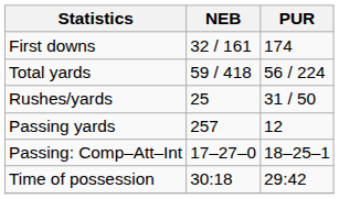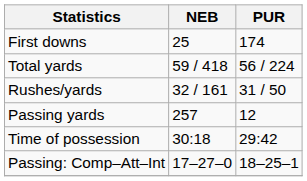 <table class="wikitable" style="float: left;">
 <tr>
 <th>Statistics</th>
 <th>NEB</th>
 <th>PUR</th>
 </tr>
 <tr>
 <td>First downs</td>
-<td>32 / 161</td>
+<td>25</td>
 <td>174</td>
 </tr>
 <tr>
 <td>Total yards</td>
 <td>59 / 418</td>
 <td>56 / 224</td>
 </tr>
 <tr>
 <td>Rushes/yards</td>
-<td>25</td>
+<td>32 / 161</td>
 <td>31 / 50</td>
 </tr>
 <tr>
 <td>Passing yards</td>
 <td>257</td>
 <td>12</td>
 </tr>
 <tr>
+<td>Time of possession</td>
+<td>30:18</td>
+<td>29:42</td>
+</tr>
+<tr>
 <td>Passing: Comp–Att–Int</td>
 <td>17–27–0</td>
 <td>18–25–1</td>
 </tr>
 <tr>
-<td>Time of possession</td>
-<td>30:18</td>
-<td>29:42</td>
-</tr>
-<tr>
 </tr>
 </table>
